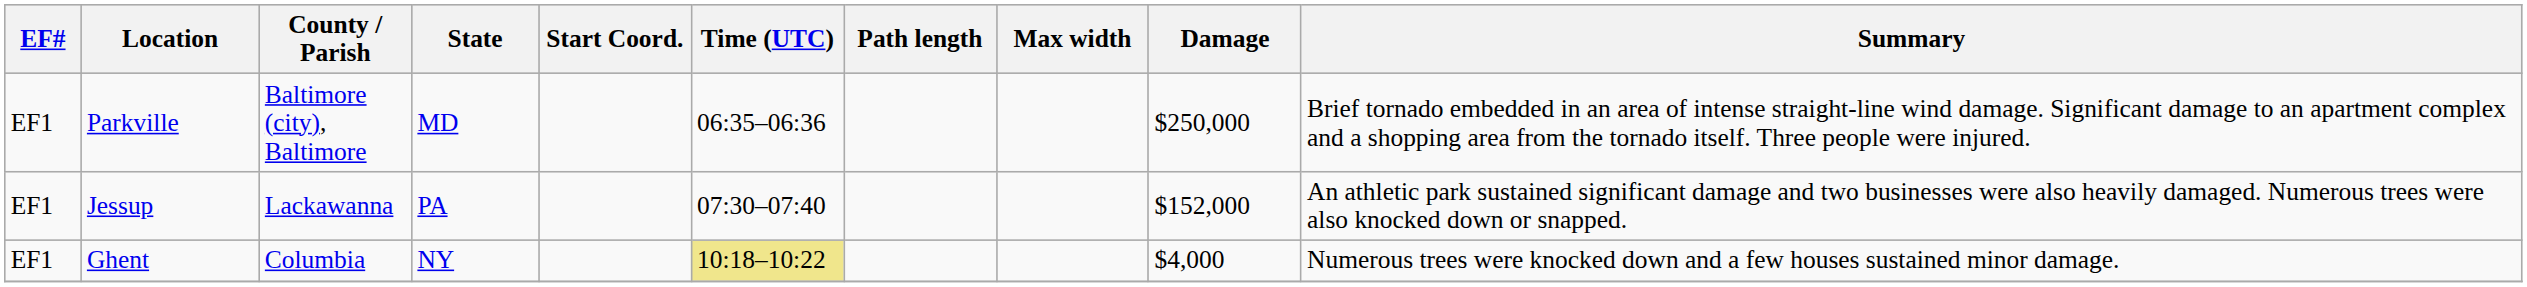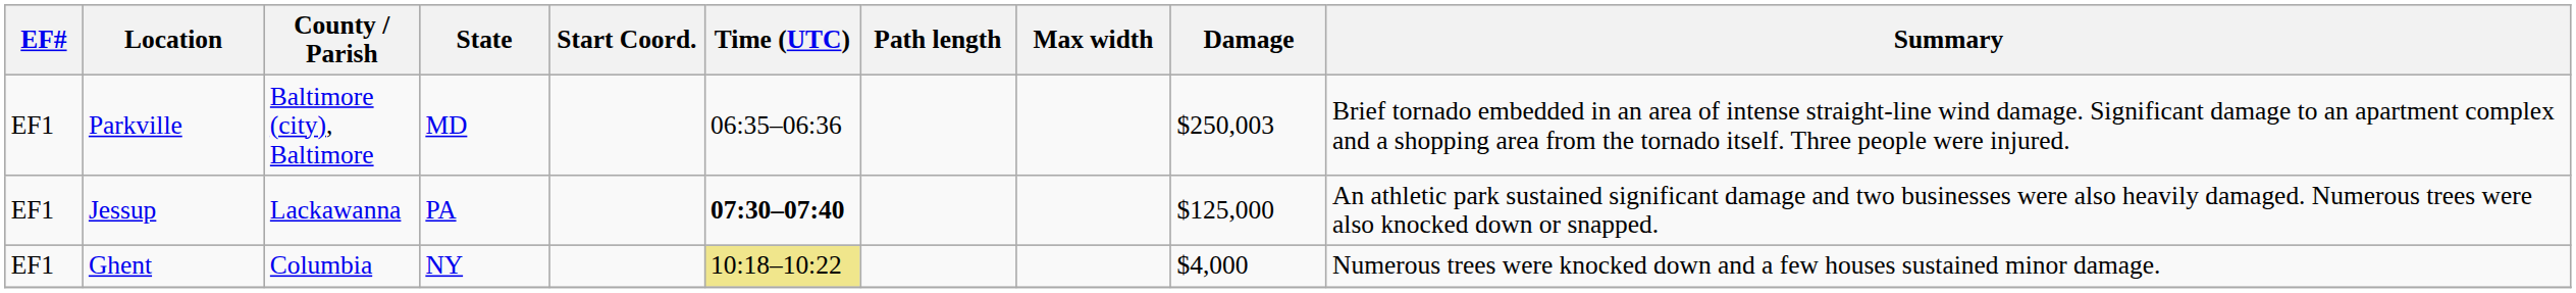 <table class="wikitable sortable" style="width:100%;">
 <tr>
 <th scope="col" width="3%" align="center"><a href='#'>EF#</a></th>
 <th scope="col" width="7%" align="center" class="unsortable">Location</th>
 <th scope="col" width="6%" align="center" class="unsortable">County / Parish</th>
 <th scope="col" width="5%" align="center">State</th>
 <th scope="col" width="6%" align="center">Start Coord.</th>
 <th scope="col" width="6%" align="center">Time (<a href='#'>UTC</a>)</th>
 <th scope="col" width="6%" align="center">Path length</th>
 <th scope="col" width="6%" align="center">Max width</th>
 <th scope="col" width="6%" align="center">Damage</th>
 <th scope="col" width="48%" class="unsortable" align="center">Summary</th>
 </tr>
 <tr>
 <td>EF1</td>
 <td><a href='#'>Parkville</a></td>
 <td><a href='#'>Baltimore (city)</a>, <a href='#'>Baltimore</a></td>
 <td><a href='#'>MD</a></td>
 <td></td>
 <td>06:35–06:36</td>
 <td></td>
 <td></td>
-<td>$250,000</td>
+<td>$250,003</td>
 <td>Brief tornado embedded in an area of intense straight-line wind damage. Significant damage to an apartment complex and a shopping area from the tornado itself. Three people were injured.</td>
 </tr>
 <tr>
 <td>EF1</td>
 <td><a href='#'>Jessup</a></td>
 <td><a href='#'>Lackawanna</a></td>
 <td><a href='#'>PA</a></td>
 <td></td>
-<td>07:30–07:40</td>
+<td><strong>07:30–07:40</strong></td>
 <td></td>
 <td></td>
-<td>$152,000</td>
+<td>$125,000</td>
 <td>An athletic park sustained significant damage and two businesses were also heavily damaged. Numerous trees were also knocked down or snapped.</td>
 </tr>
 <tr>
 <td>EF1</td>
 <td><a href='#'>Ghent</a></td>
 <td><a href='#'>Columbia</a></td>
 <td><a href='#'>NY</a></td>
 <td></td>
 <td style="background: khaki;">10:18–10:22</td>
 <td></td>
 <td></td>
 <td>$4,000</td>
 <td>Numerous trees were knocked down and a few houses sustained minor damage.</td>
 </tr>
 <tr>
 </tr>
 </table>
